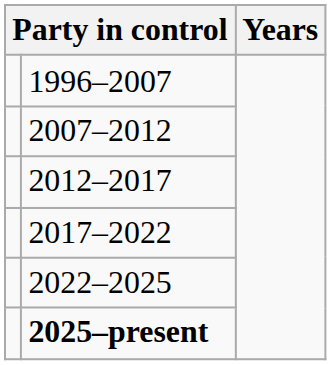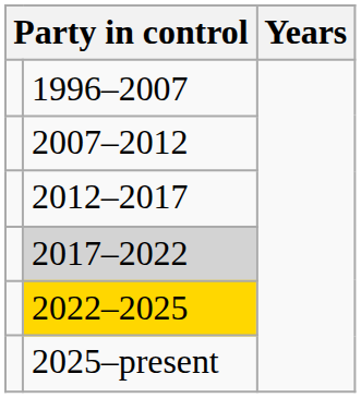 <table class="wikitable">
 <tr>
 <th colspan="2">Party in control</th>
 <th>Years</th>
 </tr>
 <tr>
 <td></td>
 <td>1996–2007</td>
 </tr>
 <tr>
 <td></td>
 <td>2007–2012</td>
 </tr>
 <tr>
 <td></td>
 <td>2012–2017</td>
 </tr>
 <tr>
 <td></td>
-<td>2017–2022</td>
+<td style="background: lightgrey;">2017–2022</td>
 </tr>
 <tr>
 <td></td>
-<td>2022–2025</td>
+<td style="background: gold;">2022–2025</td>
 </tr>
 <tr>
 <td></td>
-<td><strong>2025–present</strong></td>
+<td>2025–present</td>
 </tr>
 </table>
